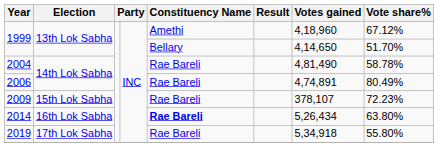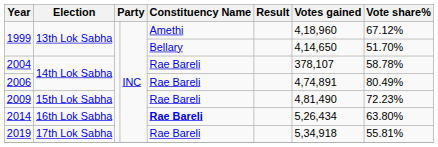 <table class="wikitable">
 <tr>
 <th>Year</th>
 <th>Election</th>
 <th colspan="2">Party</th>
 <th>Constituency Name</th>
 <th>Result</th>
 <th>Votes gained</th>
 <th>Vote share%</th>
 </tr>
 <tr>
 <td rowspan="2"><a href='#'>1999</a></td>
 <td rowspan="2"><a href='#'>13th Lok Sabha</a></td>
 <td rowspan="7" style="background-color: "></td>
 <td rowspan="7"><a href='#'>INC</a> </td>
 <td><a href='#'>Amethi</a></td>
 <td></td>
 <td>4,18,960</td>
 <td>67.12%</td>
 </tr>
 <tr>
 <td><a href='#'>Bellary</a></td>
 <td></td>
 <td>4,14,650</td>
 <td>51.70%</td>
 </tr>
 <tr>
 <td><a href='#'>2004</a></td>
 <td rowspan="2"><a href='#'>14th Lok Sabha</a></td>
 <td><a href='#'>Rae Bareli</a></td>
 <td></td>
-<td>4,81,490</td>
+<td>378,107</td>
 <td>58.78%</td>
 </tr>
 <tr>
 <td><a href='#'>2006</a></td>
 <td><a href='#'>Rae Bareli</a></td>
 <td></td>
 <td>4,74,891</td>
 <td>80.49%</td>
 </tr>
 <tr>
 <td><a href='#'>2009</a></td>
 <td><a href='#'>15th Lok Sabha</a></td>
 <td><a href='#'>Rae Bareli</a></td>
 <td></td>
-<td>378,107</td>
+<td>4,81,490</td>
 <td>72.23%</td>
 </tr>
 <tr>
 <td><a href='#'>2014</a></td>
 <td><a href='#'>16th Lok Sabha</a></td>
 <td><strong><a href='#'>Rae Bareli</a></strong></td>
 <td></td>
 <td>5,26,434</td>
 <td>63.80%</td>
 </tr>
 <tr>
 <td><a href='#'>2019</a></td>
 <td><a href='#'>17th Lok Sabha</a></td>
 <td><a href='#'>Rae Bareli</a></td>
 <td></td>
 <td>5,34,918</td>
-<td>55.80%</td>
+<td>55.81%</td>
 </tr>
 <tr>
 </tr>
 </table>
